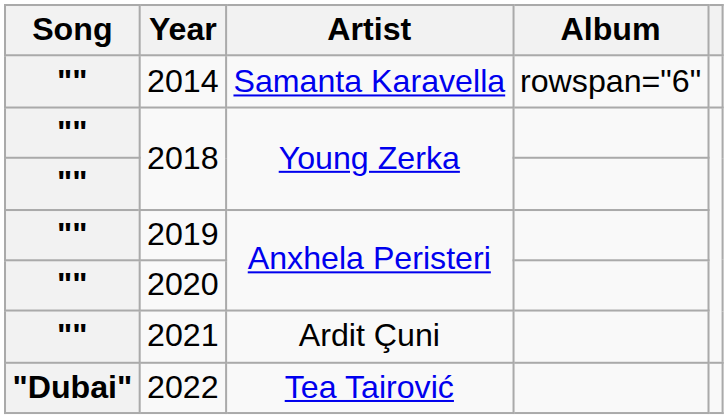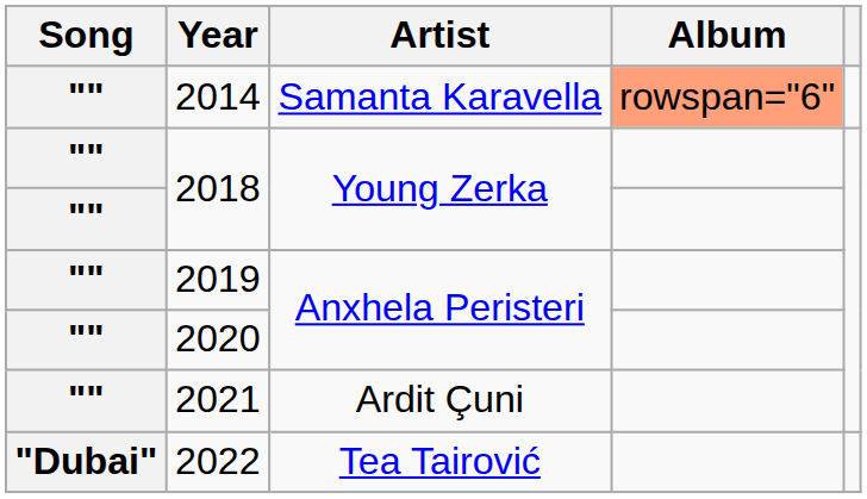 <table class="wikitable plainrowheaders" style="text-align:center;">
 <tr>
 <th scope="col">Song</th>
 <th scope="col">Year</th>
 <th scope="col">Artist</th>
 <th scope="col">Album</th>
 <th scope="col"></th>
 </tr>
 <tr>
 <th scope="row">""</th>
 <td>2014</td>
 <td><a href='#'>Samanta Karavella</a></td>
-<td>rowspan="6" </td>
+<td style="background: lightsalmon;">rowspan="6" </td>
 <td></td>
 </tr>
 <tr>
 <th scope="row">""</th>
 <td rowspan="2">2018</td>
 <td rowspan="2"><a href='#'>Young Zerka</a></td>
 <td></td>
 </tr>
 <tr>
 <th scope="row">""</th>
 <td></td>
 </tr>
 <tr>
 <th scope="row">""</th>
 <td>2019</td>
 <td rowspan="2"><a href='#'>Anxhela Peristeri</a></td>
 <td></td>
 </tr>
 <tr>
 <th scope="row">""</th>
 <td>2020</td>
 <td></td>
 </tr>
 <tr>
 <th scope="row">""</th>
 <td>2021</td>
 <td>Ardit Çuni</td>
 <td></td>
 </tr>
 <tr>
 <th scope="row">"Dubai"</th>
 <td>2022</td>
 <td><a href='#'>Tea Tairović</a></td>
 <td></td>
 <td></td>
 </tr>
 </table>
